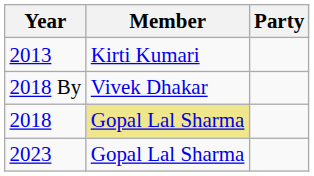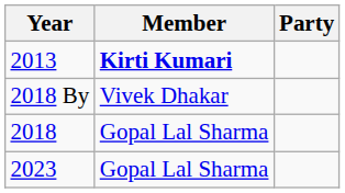 <table class="wikitable sortable">
 <tr>
 <th>Year</th>
 <th>Member</th>
 <th colspan="2">Party</th>
 </tr>
 <tr>
 <td><a href='#'>2013</a></td>
-<td><a href='#'>Kirti Kumari</a></td>
+<td><strong><a href='#'>Kirti Kumari</a></strong></td>
 <td></td>
 </tr>
 <tr>
 <td><a href='#'>2018</a> By</td>
 <td><a href='#'>Vivek Dhakar</a></td>
 <td></td>
 </tr>
 <tr>
 <td><a href='#'>2018</a></td>
-<td style="background: khaki;"><a href='#'>Gopal Lal Sharma</a></td>
+<td><a href='#'>Gopal Lal Sharma</a></td>
 <td></td>
 </tr>
 <tr>
 <td><a href='#'>2023</a></td>
 <td><a href='#'>Gopal Lal Sharma</a></td>
 <td></td>
 </tr>
 </table>
